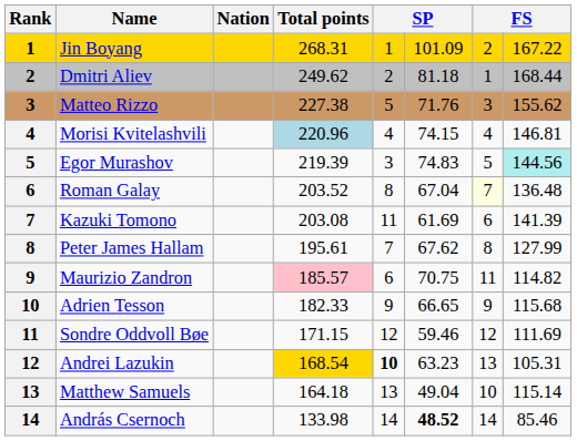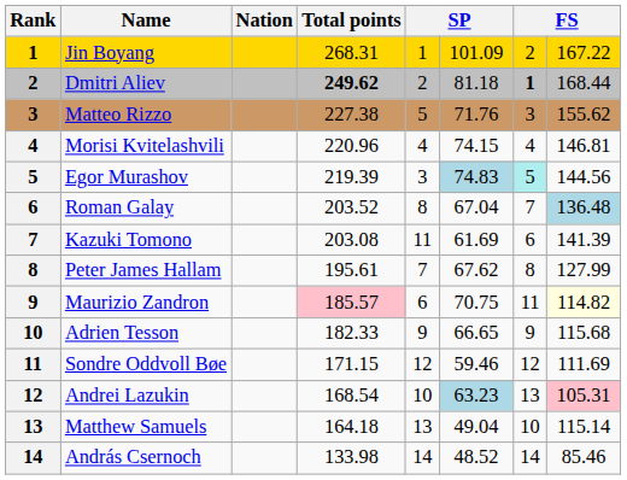 <table class="wikitable sortable">
 <tr>
 <th>Rank</th>
 <th>Name</th>
 <th>Nation</th>
 <th>Total points</th>
 <th colspan="2" width="80px"><a href='#'>SP</a></th>
 <th colspan="2" width="80px"><a href='#'>FS</a></th>
 </tr>
 <tr bgcolor="gold">
 <td align="center"><strong>1</strong></td>
 <td><a href='#'>Jin Boyang</a></td>
 <td></td>
 <td align="center">268.31</td>
 <td align="center">1</td>
 <td align="center">101.09</td>
 <td align="center">2</td>
 <td align="center">167.22</td>
 </tr>
 <tr bgcolor="silver">
 <td align="center"><strong>2</strong></td>
 <td><a href='#'>Dmitri Aliev</a></td>
 <td></td>
-<td align="center">249.62</td>
+<td align="center"><strong>249.62</strong></td>
 <td align="center">2</td>
 <td align="center">81.18</td>
-<td align="center">1</td>
+<td align="center"><strong>1</strong></td>
 <td align="center">168.44</td>
 </tr>
 <tr bgcolor="cc9966">
 <td align="center"><strong>3</strong></td>
 <td><a href='#'>Matteo Rizzo</a></td>
 <td></td>
 <td align="center">227.38</td>
 <td align="center">5</td>
 <td align="center">71.76</td>
 <td align="center">3</td>
 <td align="center">155.62</td>
 </tr>
 <tr>
 <th>4</th>
 <td><a href='#'>Morisi Kvitelashvili</a></td>
 <td></td>
-<td align="center" style="background: lightblue;">220.96</td>
+<td align="center">220.96</td>
 <td align="center">4</td>
 <td align="center">74.15</td>
 <td align="center">4</td>
 <td align="center">146.81</td>
 </tr>
 <tr>
 <th>5</th>
 <td><a href='#'>Egor Murashov</a></td>
 <td></td>
 <td align="center">219.39</td>
 <td align="center">3</td>
-<td align="center">74.83</td>
-<td align="center">5</td>
-<td align="center" style="background: paleturquoise;">144.56</td>
+<td align="center" style="background: lightblue;">74.83</td>
+<td align="center" style="background: paleturquoise;">5</td>
+<td align="center">144.56</td>
 </tr>
 <tr>
 <th>6</th>
 <td><a href='#'>Roman Galay</a></td>
 <td></td>
 <td align="center">203.52</td>
 <td align="center">8</td>
 <td align="center">67.04</td>
-<td align="center" style="background: lightyellow;">7</td>
-<td align="center">136.48</td>
+<td align="center">7</td>
+<td align="center" style="background: lightblue;">136.48</td>
 </tr>
 <tr>
 <th>7</th>
 <td><a href='#'>Kazuki Tomono</a></td>
 <td></td>
 <td align="center">203.08</td>
 <td align="center">11</td>
 <td align="center">61.69</td>
 <td align="center">6</td>
 <td align="center">141.39</td>
 </tr>
 <tr>
 <th>8</th>
 <td><a href='#'>Peter James Hallam</a></td>
 <td></td>
 <td align="center">195.61</td>
 <td align="center">7</td>
 <td align="center">67.62</td>
 <td align="center">8</td>
 <td align="center">127.99</td>
 </tr>
 <tr>
 <th>9</th>
 <td><a href='#'>Maurizio Zandron</a></td>
 <td></td>
 <td align="center" style="background: pink;">185.57</td>
 <td align="center">6</td>
 <td align="center">70.75</td>
 <td align="center">11</td>
-<td align="center">114.82</td>
+<td align="center" style="background: lightyellow;">114.82</td>
 </tr>
 <tr>
 <th>10</th>
 <td><a href='#'>Adrien Tesson</a></td>
 <td></td>
 <td align="center">182.33</td>
 <td align="center">9</td>
 <td align="center">66.65</td>
 <td align="center">9</td>
 <td align="center">115.68</td>
 </tr>
 <tr>
 <th>11</th>
 <td><a href='#'>Sondre Oddvoll Bøe</a></td>
 <td></td>
 <td align="center">171.15</td>
 <td align="center">12</td>
 <td align="center">59.46</td>
 <td align="center">12</td>
 <td align="center">111.69</td>
 </tr>
 <tr>
 <th>12</th>
 <td><a href='#'>Andrei Lazukin</a></td>
 <td></td>
-<td align="center" style="background: gold;">168.54</td>
-<td align="center"><strong>10</strong></td>
-<td align="center">63.23</td>
+<td align="center">168.54</td>
+<td align="center">10</td>
+<td align="center" style="background: lightblue;">63.23</td>
 <td align="center">13</td>
-<td align="center">105.31</td>
+<td align="center" style="background: pink;">105.31</td>
 </tr>
 <tr>
 <th>13</th>
 <td><a href='#'>Matthew Samuels</a></td>
 <td></td>
 <td align="center">164.18</td>
 <td align="center">13</td>
 <td align="center">49.04</td>
 <td align="center">10</td>
 <td align="center">115.14</td>
 </tr>
 <tr>
 <th>14</th>
 <td><a href='#'>András Csernoch</a></td>
 <td></td>
 <td align="center">133.98</td>
 <td align="center">14</td>
-<td align="center"><strong>48.52</strong></td>
+<td align="center">48.52</td>
 <td align="center">14</td>
 <td align="center">85.46</td>
 </tr>
 </table>
